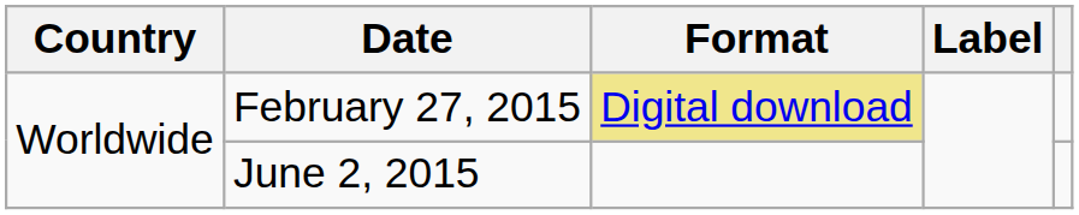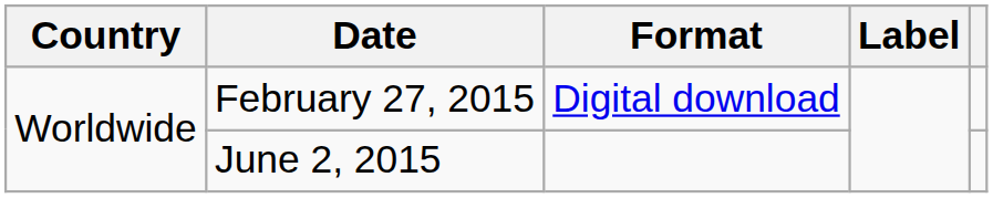 <table class="wikitable plainrowheaders">
 <tr>
 <th scope="col">Country</th>
 <th scope="col">Date</th>
 <th scope="col">Format</th>
 <th scope="col">Label</th>
 <th scope="col"></th>
 </tr>
 <tr>
 <td rowspan="2">Worldwide</td>
 <td>February 27, 2015</td>
-<td style="background: khaki;"><a href='#'>Digital download</a></td>
+<td><a href='#'>Digital download</a></td>
 <td rowspan="2"></td>
 <td></td>
 </tr>
 <tr>
 <td>June 2, 2015</td>
 <td></td>
 <td></td>
 </tr>
 </table>
